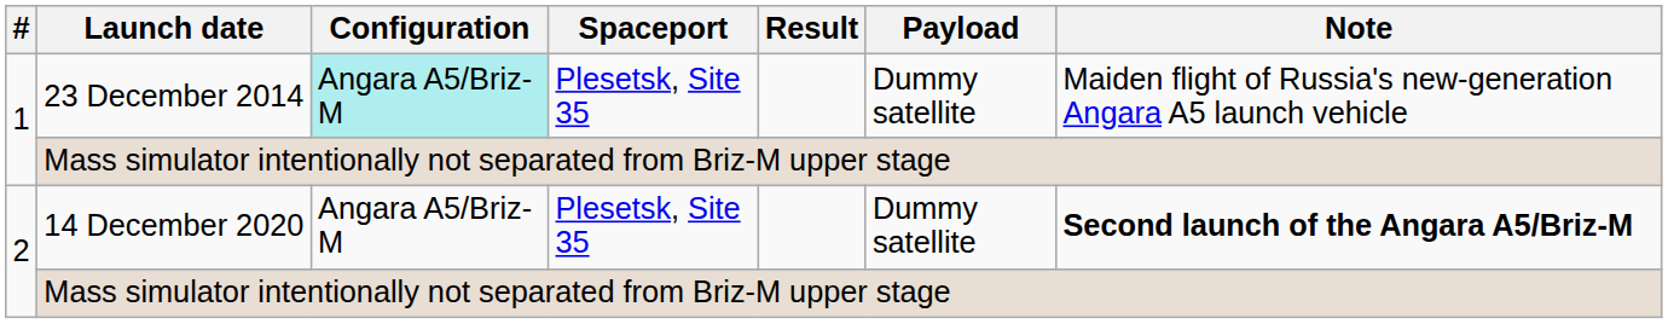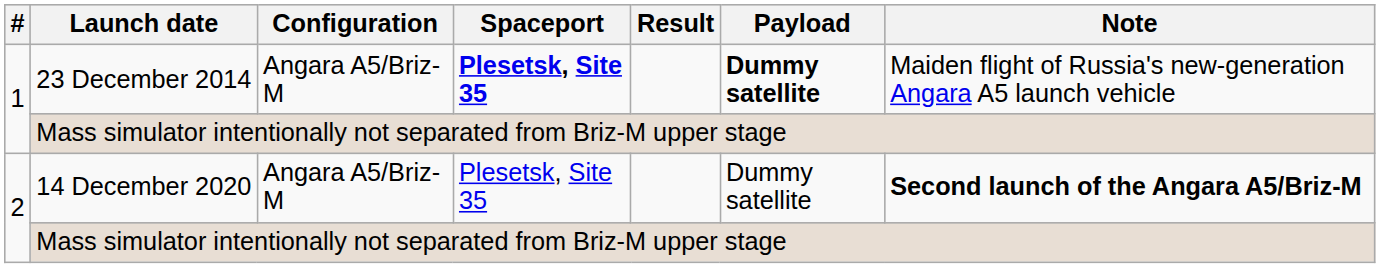 <table class="wikitable sortable">
 <tr>
 <th>#</th>
 <th>Launch date</th>
 <th>Configuration</th>
 <th>Spaceport</th>
 <th>Result</th>
 <th>Payload</th>
 <th>Note</th>
 </tr>
 <tr>
 <td rowspan = 2>1</td>
 <td nowrap align="left">23 December 2014</td>
-<td style="background: paleturquoise;">Angara A5/Briz-M</td>
-<td><a href='#'>Plesetsk</a>, <a href='#'>Site 35</a></td>
+<td>Angara A5/Briz-M</td>
+<td><strong><a href='#'>Plesetsk</a>, <a href='#'>Site 35</a></strong></td>
 <td></td>
-<td>Dummy satellite</td>
+<td><strong>Dummy satellite</strong></td>
 <td>Maiden flight of Russia's new-generation <a href='#'>Angara</a> A5 launch vehicle</td>
 </tr>
 <tr>
 <td colspan=6 style="background-color:#e8ded4;">Mass simulator intentionally not separated from Briz-M upper stage</td>
 </tr>
 <tr>
 <td rowspan="2">2</td>
 <td>14 December 2020</td>
 <td>Angara A5/Briz-M</td>
 <td><a href='#'>Plesetsk</a>, <a href='#'>Site 35</a></td>
 <td></td>
 <td>Dummy satellite</td>
 <td><strong>Second launch of the Angara A5/Briz-M</strong></td>
 </tr>
 <tr>
 <td colspan=6 style="background-color:#e8ded4;">Mass simulator intentionally not separated from Briz-M upper stage</td>
 </tr>
 </table>
